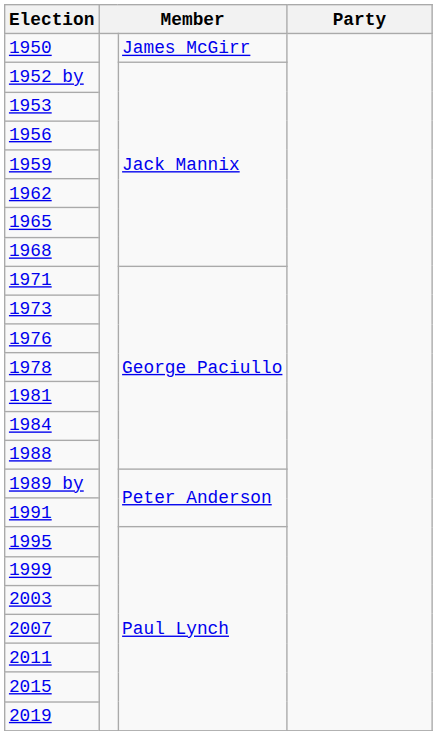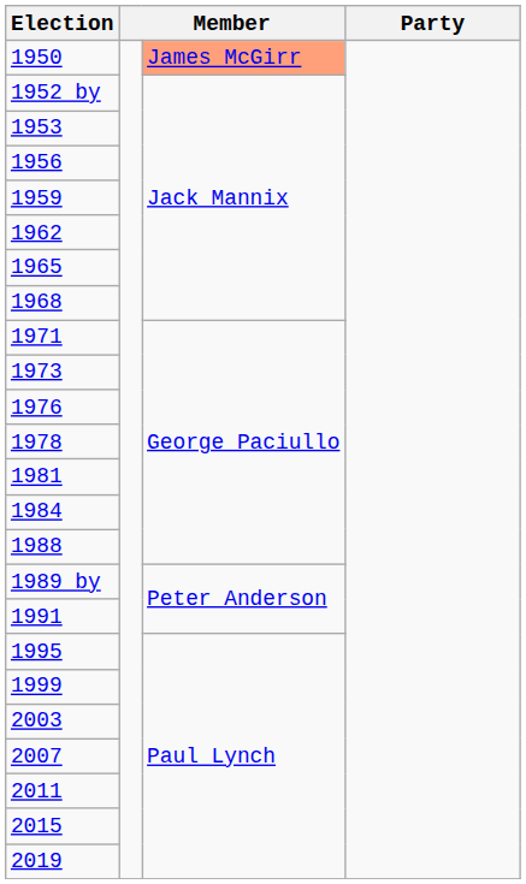 <table class="wikitable">
 <tr>
 <th>Election</th>
 <th colspan="2">Member</th>
 <th style="width: 100px">Party</th>
 </tr>
 <tr>
 <td><a href='#'>1950</a></td>
 <td rowspan="24" > </td>
-<td><a href='#'>James McGirr</a></td>
+<td style="background: lightsalmon;"><a href='#'>James McGirr</a></td>
 <td rowspan="24"></td>
 </tr>
 <tr>
 <td><a href='#'>1952 by</a></td>
 <td rowspan="7"><a href='#'>Jack Mannix</a></td>
 </tr>
 <tr>
 <td><a href='#'>1953</a></td>
 </tr>
 <tr>
 <td><a href='#'>1956</a></td>
 </tr>
 <tr>
 <td><a href='#'>1959</a></td>
 </tr>
 <tr>
 <td><a href='#'>1962</a></td>
 </tr>
 <tr>
 <td><a href='#'>1965</a></td>
 </tr>
 <tr>
 <td><a href='#'>1968</a></td>
 </tr>
 <tr>
 <td><a href='#'>1971</a></td>
 <td rowspan="7"><a href='#'>George Paciullo</a></td>
 </tr>
 <tr>
 <td><a href='#'>1973</a></td>
 </tr>
 <tr>
 <td><a href='#'>1976</a></td>
 </tr>
 <tr>
 <td><a href='#'>1978</a></td>
 </tr>
 <tr>
 <td><a href='#'>1981</a></td>
 </tr>
 <tr>
 <td><a href='#'>1984</a></td>
 </tr>
 <tr>
 <td><a href='#'>1988</a></td>
 </tr>
 <tr>
 <td><a href='#'>1989 by</a></td>
 <td rowspan="2"><a href='#'>Peter Anderson</a></td>
 </tr>
 <tr>
 <td><a href='#'>1991</a></td>
 </tr>
 <tr>
 <td><a href='#'>1995</a></td>
 <td rowspan="7"><a href='#'>Paul Lynch</a></td>
 </tr>
 <tr>
 <td><a href='#'>1999</a></td>
 </tr>
 <tr>
 <td><a href='#'>2003</a></td>
 </tr>
 <tr>
 <td><a href='#'>2007</a></td>
 </tr>
 <tr>
 <td><a href='#'>2011</a></td>
 </tr>
 <tr>
 <td><a href='#'>2015</a></td>
 </tr>
 <tr>
 <td><a href='#'>2019</a></td>
 </tr>
 </table>
